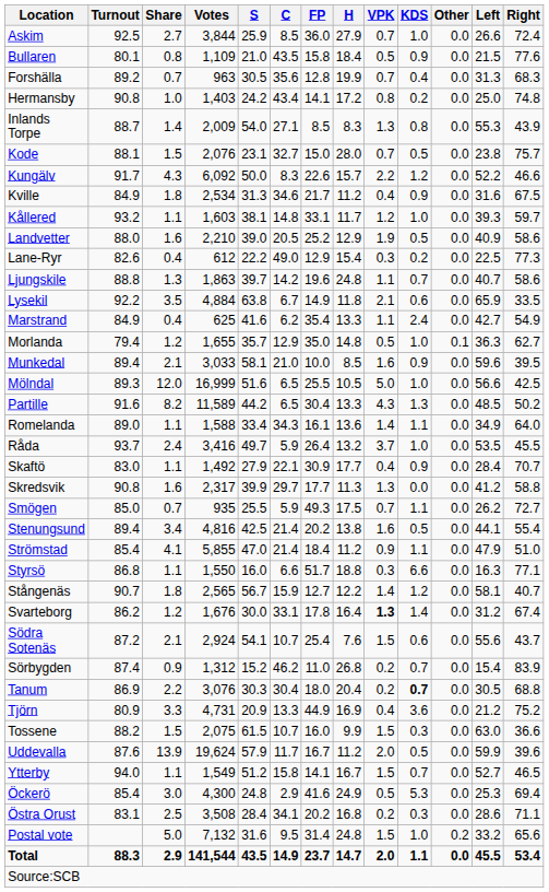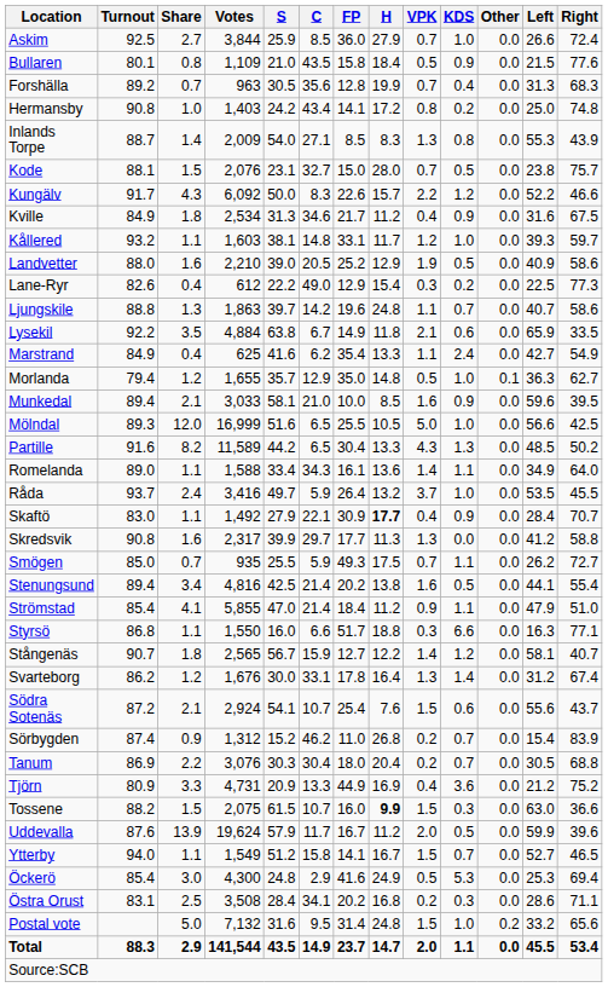 <table class="wikitable sortable" style=text-align:right>
 <tr>
 <th>Location</th>
 <th>Turnout</th>
 <th>Share</th>
 <th>Votes</th>
 <th><a href='#'>S</a></th>
 <th><a href='#'>C</a></th>
 <th><a href='#'>FP</a></th>
 <th><a href='#'>H</a></th>
 <th><a href='#'>VPK</a></th>
 <th><a href='#'>KDS</a></th>
 <th>Other</th>
 <th>Left</th>
 <th>Right</th>
 </tr>
 <tr>
 <td align=left><a href='#'>Askim</a></td>
 <td>92.5</td>
 <td>2.7</td>
 <td>3,844</td>
 <td>25.9</td>
 <td>8.5</td>
 <td>36.0</td>
 <td>27.9</td>
 <td>0.7</td>
 <td>1.0</td>
 <td>0.0</td>
 <td>26.6</td>
 <td>72.4</td>
 </tr>
 <tr>
 <td align=left><a href='#'>Bullaren</a></td>
 <td>80.1</td>
 <td>0.8</td>
 <td>1,109</td>
 <td>21.0</td>
 <td>43.5</td>
 <td>15.8</td>
 <td>18.4</td>
 <td>0.5</td>
 <td>0.9</td>
 <td>0.0</td>
 <td>21.5</td>
 <td>77.6</td>
 </tr>
 <tr>
 <td align=left>Forshälla</td>
 <td>89.2</td>
 <td>0.7</td>
 <td>963</td>
 <td>30.5</td>
 <td>35.6</td>
 <td>12.8</td>
 <td>19.9</td>
 <td>0.7</td>
 <td>0.4</td>
 <td>0.0</td>
 <td>31.3</td>
 <td>68.3</td>
 </tr>
 <tr>
 <td align=left>Hermansby</td>
 <td>90.8</td>
 <td>1.0</td>
 <td>1,403</td>
 <td>24.2</td>
 <td>43.4</td>
 <td>14.1</td>
 <td>17.2</td>
 <td>0.8</td>
 <td>0.2</td>
 <td>0.0</td>
 <td>25.0</td>
 <td>74.8</td>
 </tr>
 <tr>
 <td align=left>Inlands Torpe</td>
 <td>88.7</td>
 <td>1.4</td>
 <td>2,009</td>
 <td>54.0</td>
 <td>27.1</td>
 <td>8.5</td>
 <td>8.3</td>
 <td>1.3</td>
 <td>0.8</td>
 <td>0.0</td>
 <td>55.3</td>
 <td>43.9</td>
 </tr>
 <tr>
 <td align=left><a href='#'>Kode</a></td>
 <td>88.1</td>
 <td>1.5</td>
 <td>2,076</td>
 <td>23.1</td>
 <td>32.7</td>
 <td>15.0</td>
 <td>28.0</td>
 <td>0.7</td>
 <td>0.5</td>
 <td>0.0</td>
 <td>23.8</td>
 <td>75.7</td>
 </tr>
 <tr>
 <td align=left><a href='#'>Kungälv</a></td>
 <td>91.7</td>
 <td>4.3</td>
 <td>6,092</td>
 <td>50.0</td>
 <td>8.3</td>
 <td>22.6</td>
 <td>15.7</td>
 <td>2.2</td>
 <td>1.2</td>
 <td>0.0</td>
 <td>52.2</td>
 <td>46.6</td>
 </tr>
 <tr>
 <td align=left>Kville</td>
 <td>84.9</td>
 <td>1.8</td>
 <td>2,534</td>
 <td>31.3</td>
 <td>34.6</td>
 <td>21.7</td>
 <td>11.2</td>
 <td>0.4</td>
 <td>0.9</td>
 <td>0.0</td>
 <td>31.6</td>
 <td>67.5</td>
 </tr>
 <tr>
 <td align=left><a href='#'>Kållered</a></td>
 <td>93.2</td>
 <td>1.1</td>
 <td>1,603</td>
 <td>38.1</td>
 <td>14.8</td>
 <td>33.1</td>
 <td>11.7</td>
 <td>1.2</td>
 <td>1.0</td>
 <td>0.0</td>
 <td>39.3</td>
 <td>59.7</td>
 </tr>
 <tr>
 <td align=left><a href='#'>Landvetter</a></td>
 <td>88.0</td>
 <td>1.6</td>
 <td>2,210</td>
 <td>39.0</td>
 <td>20.5</td>
 <td>25.2</td>
 <td>12.9</td>
 <td>1.9</td>
 <td>0.5</td>
 <td>0.0</td>
 <td>40.9</td>
 <td>58.6</td>
 </tr>
 <tr>
 <td align=left>Lane-Ryr</td>
 <td>82.6</td>
 <td>0.4</td>
 <td>612</td>
 <td>22.2</td>
 <td>49.0</td>
 <td>12.9</td>
 <td>15.4</td>
 <td>0.3</td>
 <td>0.2</td>
 <td>0.0</td>
 <td>22.5</td>
 <td>77.3</td>
 </tr>
 <tr>
 <td align=left><a href='#'>Ljungskile</a></td>
 <td>88.8</td>
 <td>1.3</td>
 <td>1,863</td>
 <td>39.7</td>
 <td>14.2</td>
 <td>19.6</td>
 <td>24.8</td>
 <td>1.1</td>
 <td>0.7</td>
 <td>0.0</td>
 <td>40.7</td>
 <td>58.6</td>
 </tr>
 <tr>
 <td align=left><a href='#'>Lysekil</a></td>
 <td>92.2</td>
 <td>3.5</td>
 <td>4,884</td>
 <td>63.8</td>
 <td>6.7</td>
 <td>14.9</td>
 <td>11.8</td>
 <td>2.1</td>
 <td>0.6</td>
 <td>0.0</td>
 <td>65.9</td>
 <td>33.5</td>
 </tr>
 <tr>
 <td align=left><a href='#'>Marstrand</a></td>
 <td>84.9</td>
 <td>0.4</td>
 <td>625</td>
 <td>41.6</td>
 <td>6.2</td>
 <td>35.4</td>
 <td>13.3</td>
 <td>1.1</td>
 <td>2.4</td>
 <td>0.0</td>
 <td>42.7</td>
 <td>54.9</td>
 </tr>
 <tr>
 <td align=left>Morlanda</td>
 <td>79.4</td>
 <td>1.2</td>
 <td>1,655</td>
 <td>35.7</td>
 <td>12.9</td>
 <td>35.0</td>
 <td>14.8</td>
 <td>0.5</td>
 <td>1.0</td>
 <td>0.1</td>
 <td>36.3</td>
 <td>62.7</td>
 </tr>
 <tr>
 <td align=left><a href='#'>Munkedal</a></td>
 <td>89.4</td>
 <td>2.1</td>
 <td>3,033</td>
 <td>58.1</td>
 <td>21.0</td>
 <td>10.0</td>
 <td>8.5</td>
 <td>1.6</td>
 <td>0.9</td>
 <td>0.0</td>
 <td>59.6</td>
 <td>39.5</td>
 </tr>
 <tr>
 <td align=left><a href='#'>Mölndal</a></td>
 <td>89.3</td>
 <td>12.0</td>
 <td>16,999</td>
 <td>51.6</td>
 <td>6.5</td>
 <td>25.5</td>
 <td>10.5</td>
 <td>5.0</td>
 <td>1.0</td>
 <td>0.0</td>
 <td>56.6</td>
 <td>42.5</td>
 </tr>
 <tr>
 <td align=left><a href='#'>Partille</a></td>
 <td>91.6</td>
 <td>8.2</td>
 <td>11,589</td>
 <td>44.2</td>
 <td>6.5</td>
 <td>30.4</td>
 <td>13.3</td>
 <td>4.3</td>
 <td>1.3</td>
 <td>0.0</td>
 <td>48.5</td>
 <td>50.2</td>
 </tr>
 <tr>
 <td align=left>Romelanda</td>
 <td>89.0</td>
 <td>1.1</td>
 <td>1,588</td>
 <td>33.4</td>
 <td>34.3</td>
 <td>16.1</td>
 <td>13.6</td>
 <td>1.4</td>
 <td>1.1</td>
 <td>0.0</td>
 <td>34.9</td>
 <td>64.0</td>
 </tr>
 <tr>
 <td align=left>Råda</td>
 <td>93.7</td>
 <td>2.4</td>
 <td>3,416</td>
 <td>49.7</td>
 <td>5.9</td>
 <td>26.4</td>
 <td>13.2</td>
 <td>3.7</td>
 <td>1.0</td>
 <td>0.0</td>
 <td>53.5</td>
 <td>45.5</td>
 </tr>
 <tr>
 <td align=left>Skaftö</td>
 <td>83.0</td>
 <td>1.1</td>
 <td>1,492</td>
 <td>27.9</td>
 <td>22.1</td>
 <td>30.9</td>
-<td>17.7</td>
+<td><strong>17.7</strong></td>
 <td>0.4</td>
 <td>0.9</td>
 <td>0.0</td>
 <td>28.4</td>
 <td>70.7</td>
 </tr>
 <tr>
 <td align=left>Skredsvik</td>
 <td>90.8</td>
 <td>1.6</td>
 <td>2,317</td>
 <td>39.9</td>
 <td>29.7</td>
 <td>17.7</td>
 <td>11.3</td>
 <td>1.3</td>
 <td>0.0</td>
 <td>0.0</td>
 <td>41.2</td>
 <td>58.8</td>
 </tr>
 <tr>
 <td align=left><a href='#'>Smögen</a></td>
 <td>85.0</td>
 <td>0.7</td>
 <td>935</td>
 <td>25.5</td>
 <td>5.9</td>
 <td>49.3</td>
 <td>17.5</td>
 <td>0.7</td>
 <td>1.1</td>
 <td>0.0</td>
 <td>26.2</td>
 <td>72.7</td>
 </tr>
 <tr>
 <td align=left><a href='#'>Stenungsund</a></td>
 <td>89.4</td>
 <td>3.4</td>
 <td>4,816</td>
 <td>42.5</td>
 <td>21.4</td>
 <td>20.2</td>
 <td>13.8</td>
 <td>1.6</td>
 <td>0.5</td>
 <td>0.0</td>
 <td>44.1</td>
 <td>55.4</td>
 </tr>
 <tr>
 <td align=left><a href='#'>Strömstad</a></td>
 <td>85.4</td>
 <td>4.1</td>
 <td>5,855</td>
 <td>47.0</td>
 <td>21.4</td>
 <td>18.4</td>
 <td>11.2</td>
 <td>0.9</td>
 <td>1.1</td>
 <td>0.0</td>
 <td>47.9</td>
 <td>51.0</td>
 </tr>
 <tr>
 <td align=left><a href='#'>Styrsö</a></td>
 <td>86.8</td>
 <td>1.1</td>
 <td>1,550</td>
 <td>16.0</td>
 <td>6.6</td>
 <td>51.7</td>
 <td>18.8</td>
 <td>0.3</td>
 <td>6.6</td>
 <td>0.0</td>
 <td>16.3</td>
 <td>77.1</td>
 </tr>
 <tr>
 <td align=left>Stångenäs</td>
 <td>90.7</td>
 <td>1.8</td>
 <td>2,565</td>
 <td>56.7</td>
 <td>15.9</td>
 <td>12.7</td>
 <td>12.2</td>
 <td>1.4</td>
 <td>1.2</td>
 <td>0.0</td>
 <td>58.1</td>
 <td>40.7</td>
 </tr>
 <tr>
 <td align=left>Svarteborg</td>
 <td>86.2</td>
 <td>1.2</td>
 <td>1,676</td>
 <td>30.0</td>
 <td>33.1</td>
 <td>17.8</td>
 <td>16.4</td>
-<td><strong>1.3</strong></td>
+<td>1.3</td>
 <td>1.4</td>
 <td>0.0</td>
 <td>31.2</td>
 <td>67.4</td>
 </tr>
 <tr>
 <td align=left><a href='#'>Södra Sotenäs</a></td>
 <td>87.2</td>
 <td>2.1</td>
 <td>2,924</td>
 <td>54.1</td>
 <td>10.7</td>
 <td>25.4</td>
 <td>7.6</td>
 <td>1.5</td>
 <td>0.6</td>
 <td>0.0</td>
 <td>55.6</td>
 <td>43.7</td>
 </tr>
 <tr>
 <td align=left>Sörbygden</td>
 <td>87.4</td>
 <td>0.9</td>
 <td>1,312</td>
 <td>15.2</td>
 <td>46.2</td>
 <td>11.0</td>
 <td>26.8</td>
 <td>0.2</td>
 <td>0.7</td>
 <td>0.0</td>
 <td>15.4</td>
 <td>83.9</td>
 </tr>
 <tr>
 <td align=left><a href='#'>Tanum</a></td>
 <td>86.9</td>
 <td>2.2</td>
 <td>3,076</td>
 <td>30.3</td>
 <td>30.4</td>
 <td>18.0</td>
 <td>20.4</td>
 <td>0.2</td>
-<td><strong>0.7</strong></td>
+<td>0.7</td>
 <td>0.0</td>
 <td>30.5</td>
 <td>68.8</td>
 </tr>
 <tr>
 <td align=left><a href='#'>Tjörn</a></td>
 <td>80.9</td>
 <td>3.3</td>
 <td>4,731</td>
 <td>20.9</td>
 <td>13.3</td>
 <td>44.9</td>
 <td>16.9</td>
 <td>0.4</td>
 <td>3.6</td>
 <td>0.0</td>
 <td>21.2</td>
 <td>75.2</td>
 </tr>
 <tr>
 <td align=left>Tossene</td>
 <td>88.2</td>
 <td>1.5</td>
 <td>2,075</td>
 <td>61.5</td>
 <td>10.7</td>
 <td>16.0</td>
-<td>9.9</td>
+<td><strong>9.9</strong></td>
 <td>1.5</td>
 <td>0.3</td>
 <td>0.0</td>
 <td>63.0</td>
 <td>36.6</td>
 </tr>
 <tr>
 <td align=left><a href='#'>Uddevalla</a></td>
 <td>87.6</td>
 <td>13.9</td>
 <td>19,624</td>
 <td>57.9</td>
 <td>11.7</td>
 <td>16.7</td>
 <td>11.2</td>
 <td>2.0</td>
 <td>0.5</td>
 <td>0.0</td>
 <td>59.9</td>
 <td>39.6</td>
 </tr>
 <tr>
 <td align=left><a href='#'>Ytterby</a></td>
 <td>94.0</td>
 <td>1.1</td>
 <td>1,549</td>
 <td>51.2</td>
 <td>15.8</td>
 <td>14.1</td>
 <td>16.7</td>
 <td>1.5</td>
 <td>0.7</td>
 <td>0.0</td>
 <td>52.7</td>
 <td>46.5</td>
 </tr>
 <tr>
 <td align=left><a href='#'>Öckerö</a></td>
 <td>85.4</td>
 <td>3.0</td>
 <td>4,300</td>
 <td>24.8</td>
 <td>2.9</td>
 <td>41.6</td>
 <td>24.9</td>
 <td>0.5</td>
 <td>5.3</td>
 <td>0.0</td>
 <td>25.3</td>
 <td>69.4</td>
 </tr>
 <tr>
 <td align=left><a href='#'>Östra Orust</a></td>
 <td>83.1</td>
 <td>2.5</td>
 <td>3,508</td>
 <td>28.4</td>
 <td>34.1</td>
 <td>20.2</td>
 <td>16.8</td>
 <td>0.2</td>
 <td>0.3</td>
 <td>0.0</td>
 <td>28.6</td>
 <td>71.1</td>
 </tr>
 <tr>
 <td align=left><a href='#'>Postal vote</a></td>
 <td></td>
 <td>5.0</td>
 <td>7,132</td>
 <td>31.6</td>
 <td>9.5</td>
 <td>31.4</td>
 <td>24.8</td>
 <td>1.5</td>
 <td>1.0</td>
 <td>0.2</td>
 <td>33.2</td>
 <td>65.6</td>
 </tr>
 <tr>
 <td align=left><strong>Total</strong></td>
 <td><strong>88.3</strong></td>
 <td><strong>2.9</strong></td>
 <td><strong>141,544</strong></td>
 <td><strong>43.5</strong></td>
 <td><strong>14.9</strong></td>
 <td><strong>23.7</strong></td>
 <td><strong>14.7</strong></td>
 <td><strong>2.0</strong></td>
 <td><strong>1.1</strong></td>
 <td><strong>0.0</strong></td>
 <td><strong>45.5</strong></td>
 <td><strong>53.4</strong></td>
 </tr>
 <tr>
 <td align=left colspan=13>Source:SCB </td>
 </tr>
 </table>
